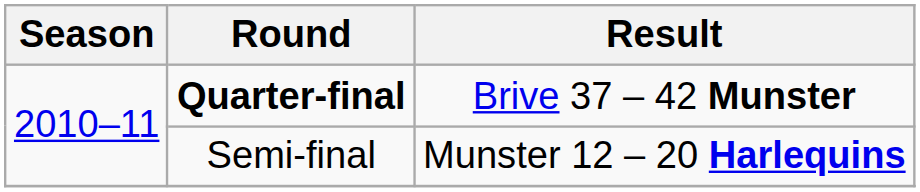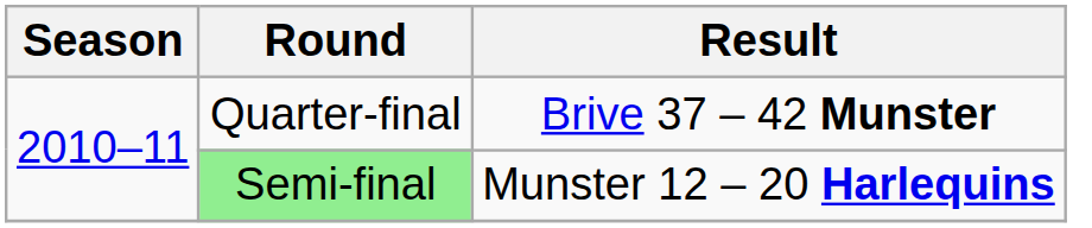 <table class="wikitable" style="text-align:center;">
 <tr>
 <th>Season</th>
 <th>Round</th>
 <th>Result</th>
 </tr>
 <tr>
 <td rowspan="2"><a href='#'>2010–11</a></td>
-<td><strong>Quarter-final</strong></td>
+<td>Quarter-final</td>
 <td colspan="7"><a href='#'>Brive</a> 37 – 42 <strong>Munster</strong></td>
 </tr>
 <tr>
-<td>Semi-final</td>
+<td style="background: lightgreen;">Semi-final</td>
 <td colspan="7">Munster 12 – 20 <strong><a href='#'>Harlequins</a></strong></td>
 </tr>
 <tr>
 </tr>
 </table>
